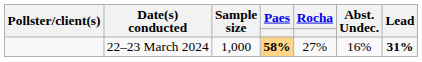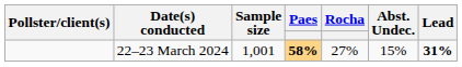 <table class="wikitable" style="text-align:center;font-size:90%;line-height:14px;">
 <tr>
 <th rowspan="2">Pollster/client(s)</th>
 <th rowspan="2">Date(s)<br>conducted</th>
 <th rowspan="2">Sample<br>size</th>
 <th><a href='#'>Paes</a><br></th>
 <th><a href='#'>Rocha</a><br></th>
 <th rowspan="2">Abst.<br>Undec.</th>
 <th rowspan="2">Lead</th>
 </tr>
 <tr>
 <th class="sortable" data-sort-type="number" style="background:"></th>
 <th class="sortable" data-sort-type="number" style="background:"></th>
 </tr>
 <tr>
 <td></td>
 <td>22–23 March 2024</td>
-<td>1,000</td>
+<td>1,001</td>
 <td style="background:#ffd485;"><strong>58%</strong></td>
 <td>27%</td>
-<td>16%</td>
+<td>15%</td>
 <td style="background:"><strong>31%</strong></td>
 </tr>
 </table>
